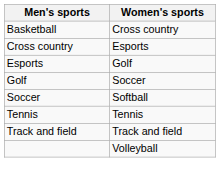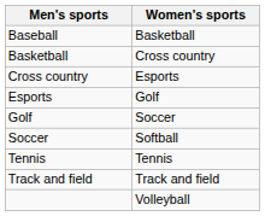 <table class="wikitable"; style= "text-align: ">
 <tr>
 <th width=150px>Men's sports</th>
 <th width=150px>Women's sports</th>
+</tr>
+<tr>
+<td>Baseball</td>
+<td>Basketball</td>
 </tr>
 <tr>
 <td>Basketball</td>
 <td>Cross country</td>
 </tr>
 <tr>
 <td>Cross country</td>
 <td>Esports</td>
 </tr>
 <tr>
 <td>Esports</td>
 <td>Golf</td>
 </tr>
 <tr>
 <td>Golf</td>
 <td>Soccer</td>
 </tr>
 <tr>
 <td>Soccer</td>
 <td>Softball</td>
 </tr>
 <tr>
 <td>Tennis</td>
 <td>Tennis</td>
 </tr>
 <tr>
 <td>Track and field</td>
 <td>Track and field</td>
 </tr>
 <tr>
 <td></td>
 <td>Volleyball</td>
 </tr>
 </table>
